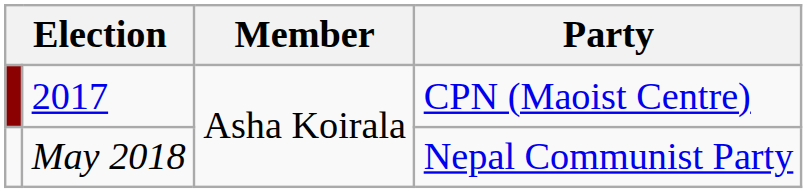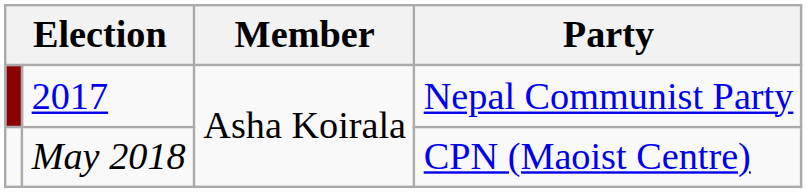 <table class="wikitable">
 <tr>
 <th colspan="2">Election</th>
 <th>Member</th>
 <th>Party</th>
 </tr>
 <tr>
 <td style="background-color:darkred"></td>
 <td><a href='#'>2017</a></td>
 <td rowspan="2">Asha Koirala</td>
-<td><a href='#'>CPN (Maoist Centre)</a></td>
+<td><a href='#'>Nepal Communist Party</a></td>
 </tr>
 <tr>
 <td style="background-color:"></td>
 <td><em>May 2018</em></td>
-<td><a href='#'>Nepal Communist Party</a></td>
+<td><a href='#'>CPN (Maoist Centre)</a></td>
 </tr>
 </table>
